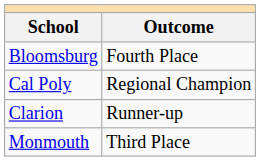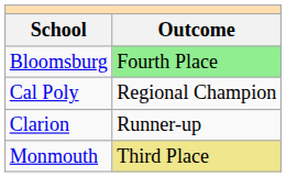 <table class="wikitable" style="float:left; margin-right:1em;">
 <tr>
 <th colspan="3" style="background:#ffdead;"></th>
 </tr>
 <tr>
 <th>School</th>
 <th>Outcome</th>
 </tr>
 <tr>
 <td><a href='#'>Bloomsburg</a></td>
-<td>Fourth Place</td>
+<td style="background: lightgreen;">Fourth Place</td>
 </tr>
 <tr>
 <td><a href='#'>Cal Poly</a></td>
 <td>Regional Champion</td>
 </tr>
 <tr>
 <td><a href='#'>Clarion</a></td>
 <td>Runner-up</td>
 </tr>
 <tr>
 <td><a href='#'>Monmouth</a></td>
-<td>Third Place</td>
+<td style="background: khaki;">Third Place</td>
 </tr>
 </table>
